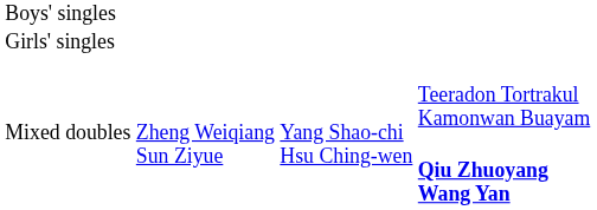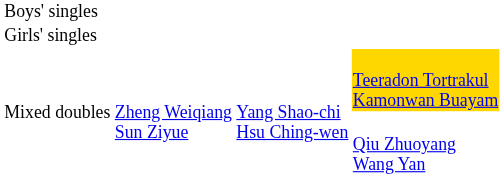 <table>
 <tr>
 <td rowspan=2>Boys' singles</td>
 <td rowspan=2></td>
 <td rowspan=2></td>
 <td></td>
 </tr>
 <tr>
 <td></td>
 </tr>
 <tr>
 <td rowspan=2>Girls' singles</td>
 <td rowspan=2></td>
 <td rowspan=2></td>
 <td></td>
 </tr>
 <tr>
 <td></td>
 </tr>
 <tr>
 <td rowspan=2>Mixed doubles</td>
 <td rowspan=2><br><a href='#'>Zheng Weiqiang</a><br><a href='#'>Sun Ziyue</a></td>
 <td rowspan=2><br><a href='#'>Yang Shao-chi</a><br><a href='#'>Hsu Ching-wen</a></td>
-<td><br><a href='#'>Teeradon Tortrakul</a><br><a href='#'>Kamonwan Buayam</a></td>
+<td style="background: gold;"><br><a href='#'>Teeradon Tortrakul</a><br><a href='#'>Kamonwan Buayam</a></td>
 </tr>
 <tr>
-<td><strong><br><a href='#'>Qiu Zhuoyang</a><br><a href='#'>Wang Yan</a></strong></td>
+<td><br><a href='#'>Qiu Zhuoyang</a><br><a href='#'>Wang Yan</a></td>
 </tr>
 </table>
